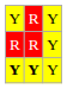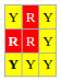 <table class=wikitable style="font-size:90%;text-align:center;">
 <tr>
 <td style="background:#ff0;color:#000;">Y</td>
 <td style="background:#f00;color:#fff;">R</td>
 <td style="background:#ff0;color:#000;">Y</td>
 </tr>
 <tr>
-<td style="background:#f00;color:#fff;">R</td>
+<td style="background:#f00;color:#fff;"><strong>R</strong></td>
 <td style="background:#f00;color:#fff;">R</td>
 <td style="background:#ff0;color:#000;">Y</td>
 </tr>
 <tr>
 <td style="background:#ff0;color:#000;"><strong>Y</strong></td>
-<td style="background:#ff0;color:#000;"><strong>Y</strong></td>
+<td style="background:#ff0;color:#000;">Y</td>
 <td style="background:#ff0;color:#000;">Y</td>
 </tr>
 </table>
